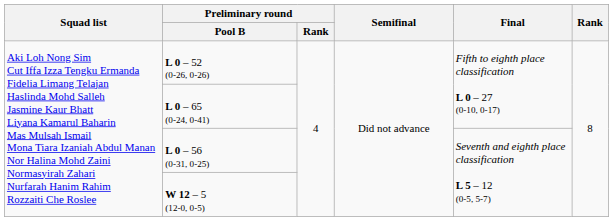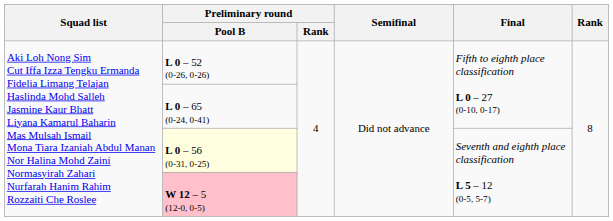 <table class="wikitable" width="90%" style="text-align:center; font-size:90%">
 <tr>
 <th rowspan="2" width="20%">Squad list</th>
 <th colspan="2" width="20%">Preliminary round</th>
 <th rowspan="2" width="15%">Semifinal</th>
 <th rowspan="2" width="15%">Final</th>
 <th rowspan="2" width="3%">Rank</th>
 </tr>
 <tr>
 <th width="17%">Pool B</th>
 <th width="3%">Rank</th>
 </tr>
 <tr>
 <td rowspan="4" align="left"><a href='#'>Aki Loh Nong Sim</a><br><a href='#'>Cut Iffa Izza Tengku Ermanda</a><br><a href='#'>Fidelia Limang Telajan</a><br><a href='#'>Haslinda Mohd Salleh</a><br><a href='#'>Jasmine Kaur Bhatt</a><br><a href='#'>Liyana Kamarul Baharin</a><br><a href='#'>Mas Mulsah Ismail</a><br><a href='#'>Mona Tiara Izaniah Abdul Manan</a><br><a href='#'>Nor Halina Mohd Zaini</a><br><a href='#'>Normasyirah Zahari</a><br><a href='#'>Nurfarah Hanim Rahim</a><br><a href='#'>Rozzaiti Che Roslee</a></td>
 <td align="left"><br><strong>L 0</strong> – 52<br><small>(0-26, 0-26)</small></td>
 <td rowspan=4>4</td>
 <td rowspan=4>Did not advance</td>
 <td rowspan=2 align="left"><em>Fifth to eighth place classification</em><br><br><strong>L 0</strong> – 27<br><small>(0-10, 0-17)</small></td>
 <td rowspan=4>8</td>
 </tr>
 <tr>
 <td align="left"><br><strong>L 0</strong> – 65<br><small>(0-24, 0-41)</small></td>
 </tr>
 <tr>
-<td align="left"><br><strong>L 0</strong> – 56<br><small>(0-31, 0-25)</small></td>
+<td align="left" style="background: lightyellow;"><br><strong>L 0</strong> – 56<br><small>(0-31, 0-25)</small></td>
 <td rowspan=2 align="left"><em>Seventh and eighth place classification</em><br><br><strong>L 5</strong> – 12<br><small>(0-5, 5-7)</small></td>
 </tr>
 <tr>
-<td align="left"><br><strong>W 12</strong> – 5<br><small>(12-0, 0-5)</small></td>
+<td align="left" style="background: pink;"><br><strong>W 12</strong> – 5<br><small>(12-0, 0-5)</small></td>
 </tr>
 </table>
